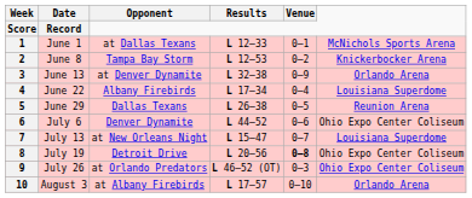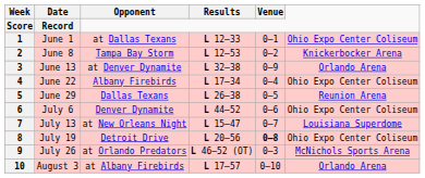 <table class="wikitable" style="text-align:center">
 <tr>
 <th>Week</th>
 <th>Date</th>
 <th>Opponent</th>
 <th>Results</th>
 <th>Venue</th>
 </tr>
 <tr>
 <th>Score</th>
 <th>Record</th>
 </tr>
 <tr style="background:#fcc">
 <th>1</th>
 <td>June 1</td>
 <td>at <a href='#'>Dallas Texans</a></td>
 <td><strong>L</strong> 12–33</td>
 <td>0–1</td>
-<td><a href='#'>McNichols Sports Arena</a></td>
+<td><a href='#'>Ohio Expo Center Coliseum</a></td>
 </tr>
 <tr style="background:#fcc">
 <th>2</th>
 <td>June 8</td>
 <td><a href='#'>Tampa Bay Storm</a></td>
 <td><strong>L</strong> 12–53</td>
 <td>0–2</td>
 <td><a href='#'>Knickerbocker Arena</a></td>
 </tr>
 <tr style="background:#fcc">
 <th>3</th>
 <td>June 13</td>
 <td>at <a href='#'>Denver Dynamite</a></td>
 <td><strong>L</strong> 32–38</td>
 <td>0–9</td>
 <td><a href='#'>Orlando Arena</a></td>
 </tr>
 <tr style="background:#fcc">
 <th>4</th>
 <td>June 22</td>
 <td><a href='#'>Albany Firebirds</a></td>
 <td><strong>L</strong> 17–34</td>
 <td>0–4</td>
-<td><a href='#'>Louisiana Superdome</a></td>
+<td>Ohio Expo Center Coliseum</td>
 </tr>
 <tr style="background:#fcc">
 <th>5</th>
 <td>June 29</td>
 <td><a href='#'>Dallas Texans</a></td>
 <td><strong>L</strong> 26–38</td>
 <td>0–5</td>
 <td><a href='#'>Reunion Arena</a></td>
 </tr>
 <tr style="background:#fcc">
 <th>6</th>
 <td>July 6</td>
 <td><a href='#'>Denver Dynamite</a></td>
 <td><strong>L</strong> 44–52</td>
 <td>0–6</td>
 <td>Ohio Expo Center Coliseum</td>
 </tr>
 <tr style="background:#fcc">
 <th>7</th>
 <td>July 13</td>
 <td>at <a href='#'>New Orleans Night</a></td>
 <td><strong>L</strong> 15–47</td>
 <td>0–7</td>
 <td><a href='#'>Louisiana Superdome</a></td>
 </tr>
 <tr style="background:#fcc">
 <th>8</th>
 <td>July 19</td>
 <td><a href='#'>Detroit Drive</a></td>
 <td><strong>L</strong> 20–56</td>
 <td><strong>0–8</strong></td>
 <td>Ohio Expo Center Coliseum</td>
 </tr>
 <tr style="background:#fcc">
 <th>9</th>
 <td>July 26</td>
 <td>at <a href='#'>Orlando Predators</a></td>
 <td><strong>L</strong> 46–52 (OT)</td>
 <td>0–3</td>
-<td><a href='#'>Ohio Expo Center Coliseum</a></td>
+<td><a href='#'>McNichols Sports Arena</a></td>
 </tr>
 <tr style="background:#fcc">
 <th>10</th>
 <td>August 3</td>
 <td>at <a href='#'>Albany Firebirds</a></td>
 <td><strong>L</strong> 17–57</td>
 <td>0–10</td>
 <td><a href='#'>Orlando Arena</a></td>
 </tr>
 </table>
